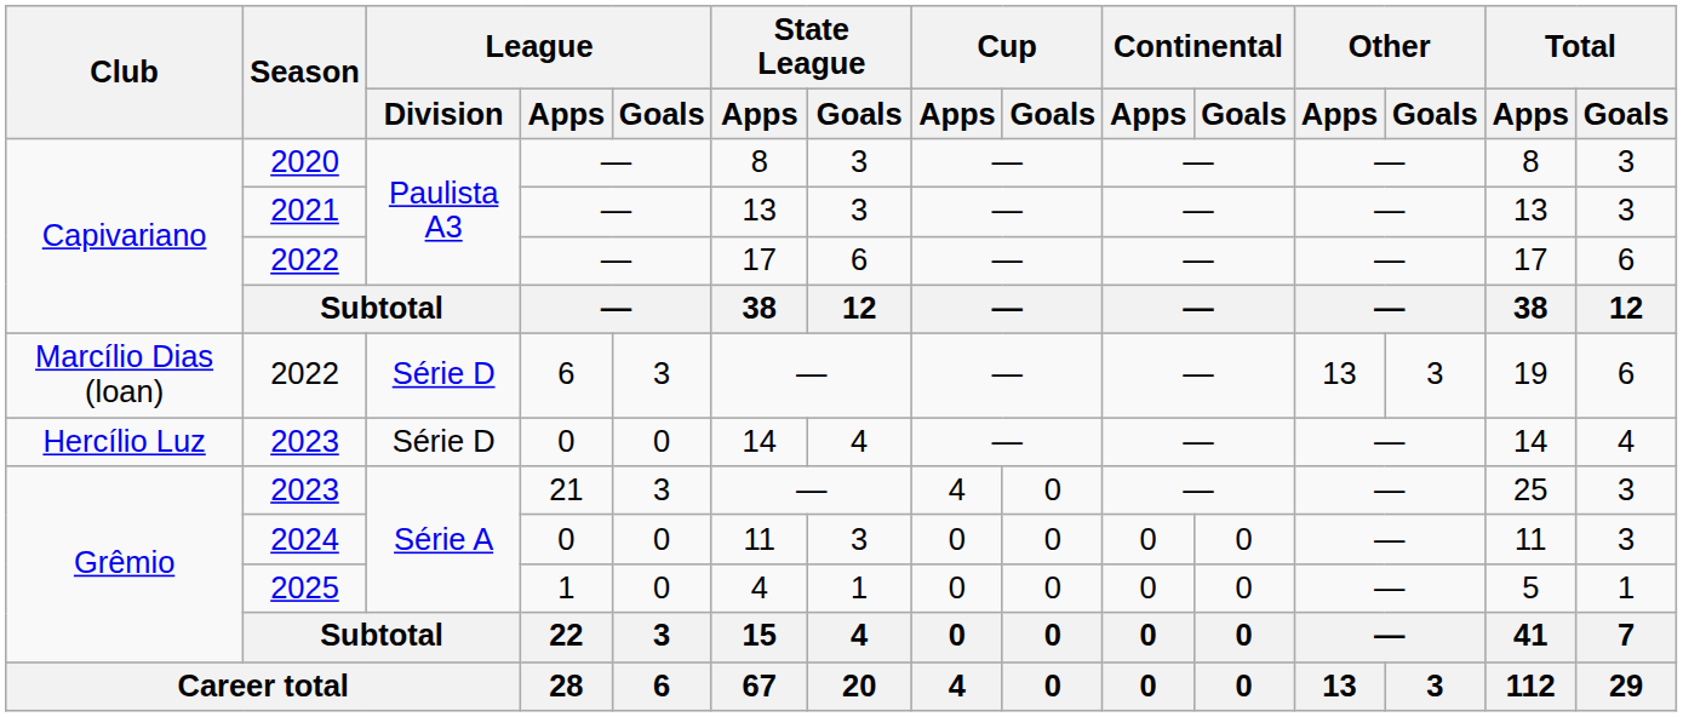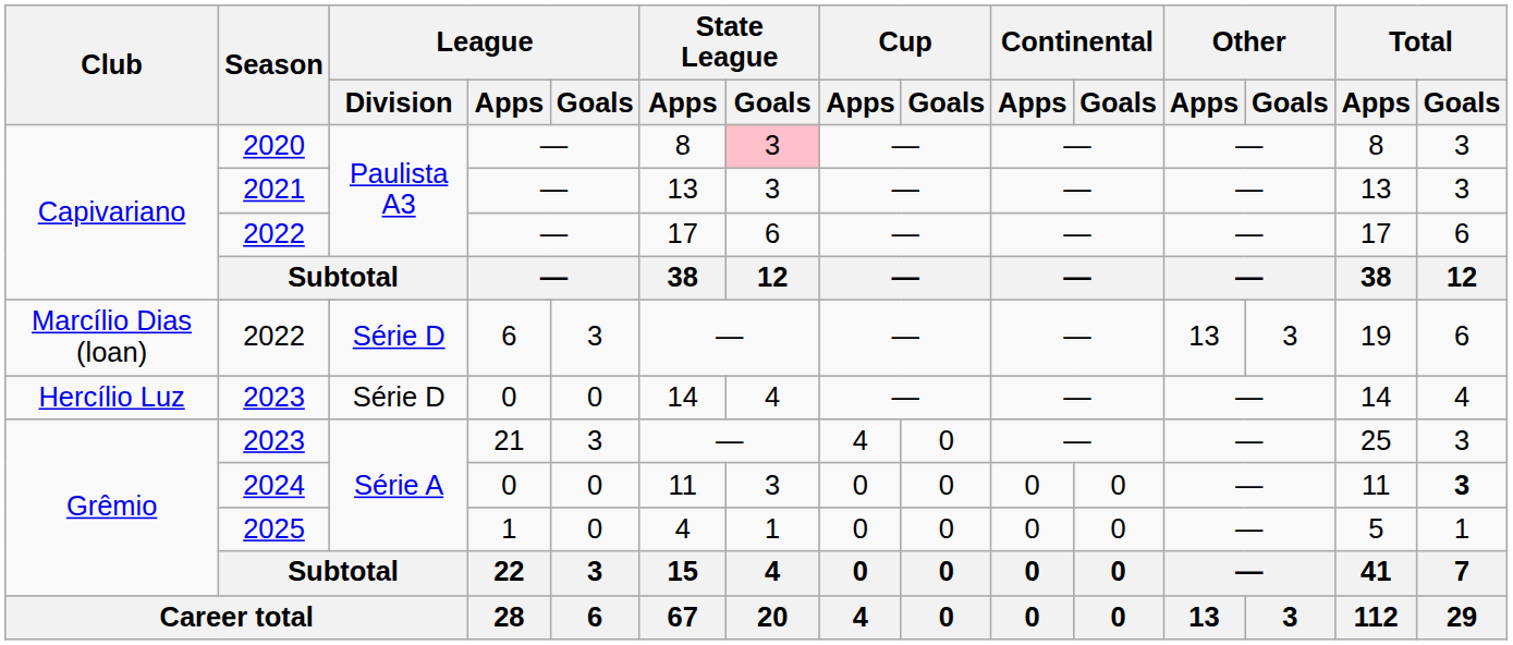 <table class="wikitable" style="text-align: center;">
 <tr>
 <th rowspan="2">Club</th>
 <th rowspan="2">Season</th>
 <th colspan="3">League</th>
 <th colspan="2">State League</th>
 <th colspan="2">Cup</th>
 <th colspan="2">Continental</th>
 <th colspan="2">Other</th>
 <th colspan="2">Total</th>
 </tr>
 <tr>
 <th>Division</th>
 <th>Apps</th>
 <th>Goals</th>
 <th>Apps</th>
 <th>Goals</th>
 <th>Apps</th>
 <th>Goals</th>
 <th>Apps</th>
 <th>Goals</th>
 <th>Apps</th>
 <th>Goals</th>
 <th>Apps</th>
 <th>Goals</th>
 </tr>
 <tr>
 <td rowspan="4" align="center"><a href='#'>Capivariano</a></td>
 <td><a href='#'>2020</a></td>
 <td rowspan="3"><a href='#'>Paulista A3</a></td>
 <td colspan="2">—</td>
 <td>8</td>
-<td>3</td>
+<td style="background: pink;">3</td>
 <td colspan="2">—</td>
 <td colspan="2">—</td>
 <td colspan="2">—</td>
 <td>8</td>
 <td>3</td>
 </tr>
 <tr>
 <td><a href='#'>2021</a></td>
 <td colspan="2">—</td>
 <td>13</td>
 <td>3</td>
 <td colspan="2">—</td>
 <td colspan="2">—</td>
 <td colspan="2">—</td>
 <td>13</td>
 <td>3</td>
 </tr>
 <tr>
 <td><a href='#'>2022</a></td>
 <td colspan="2">—</td>
 <td>17</td>
 <td>6</td>
 <td colspan="2">—</td>
 <td colspan="2">—</td>
 <td colspan="2">—</td>
 <td>17</td>
 <td>6</td>
 </tr>
 <tr>
 <th colspan="2">Subtotal</th>
 <th colspan="2">—</th>
 <th>38</th>
 <th>12</th>
 <th colspan="2">—</th>
 <th colspan="2">—</th>
 <th colspan="2">—</th>
 <th>38</th>
 <th>12</th>
 </tr>
 <tr>
 <td align="center"><a href='#'>Marcílio Dias</a> (loan)</td>
 <td>2022</td>
 <td><a href='#'>Série D</a></td>
 <td>6</td>
 <td>3</td>
 <td colspan="2">—</td>
 <td colspan="2">—</td>
 <td colspan="2">—</td>
 <td>13</td>
 <td>3</td>
 <td>19</td>
 <td>6</td>
 </tr>
 <tr>
 <td align="center"><a href='#'>Hercílio Luz</a></td>
 <td><a href='#'>2023</a></td>
 <td>Série D</td>
 <td>0</td>
 <td>0</td>
 <td>14</td>
 <td>4</td>
 <td colspan="2">—</td>
 <td colspan="2">—</td>
 <td colspan="2">—</td>
 <td>14</td>
 <td>4</td>
 </tr>
 <tr>
 <td rowspan="4" align="center"><a href='#'>Grêmio</a></td>
 <td><a href='#'>2023</a></td>
 <td rowspan="3"><a href='#'>Série A</a></td>
 <td>21</td>
 <td>3</td>
 <td colspan="2">—</td>
 <td>4</td>
 <td>0</td>
 <td colspan="2">—</td>
 <td colspan="2">—</td>
 <td>25</td>
 <td>3</td>
 </tr>
 <tr>
 <td><a href='#'>2024</a></td>
 <td>0</td>
 <td>0</td>
 <td>11</td>
 <td>3</td>
 <td>0</td>
 <td>0</td>
 <td>0</td>
 <td>0</td>
 <td colspan="2">—</td>
 <td>11</td>
-<td>3</td>
+<td><strong>3</strong></td>
 </tr>
 <tr>
 <td><a href='#'>2025</a></td>
 <td>1</td>
 <td>0</td>
 <td>4</td>
 <td>1</td>
 <td>0</td>
 <td>0</td>
 <td>0</td>
 <td>0</td>
 <td colspan="2">—</td>
 <td>5</td>
 <td>1</td>
 </tr>
 <tr>
 <th colspan="2">Subtotal</th>
 <th>22</th>
 <th>3</th>
 <th>15</th>
 <th>4</th>
 <th>0</th>
 <th>0</th>
 <th>0</th>
 <th>0</th>
 <th colspan="2">—</th>
 <th>41</th>
 <th>7</th>
 </tr>
 <tr>
 <th colspan="3"><strong>Career total</strong></th>
 <th>28</th>
 <th>6</th>
 <th>67</th>
 <th>20</th>
 <th>4</th>
 <th>0</th>
 <th>0</th>
 <th>0</th>
 <th>13</th>
 <th>3</th>
 <th>112</th>
 <th>29</th>
 </tr>
 </table>
